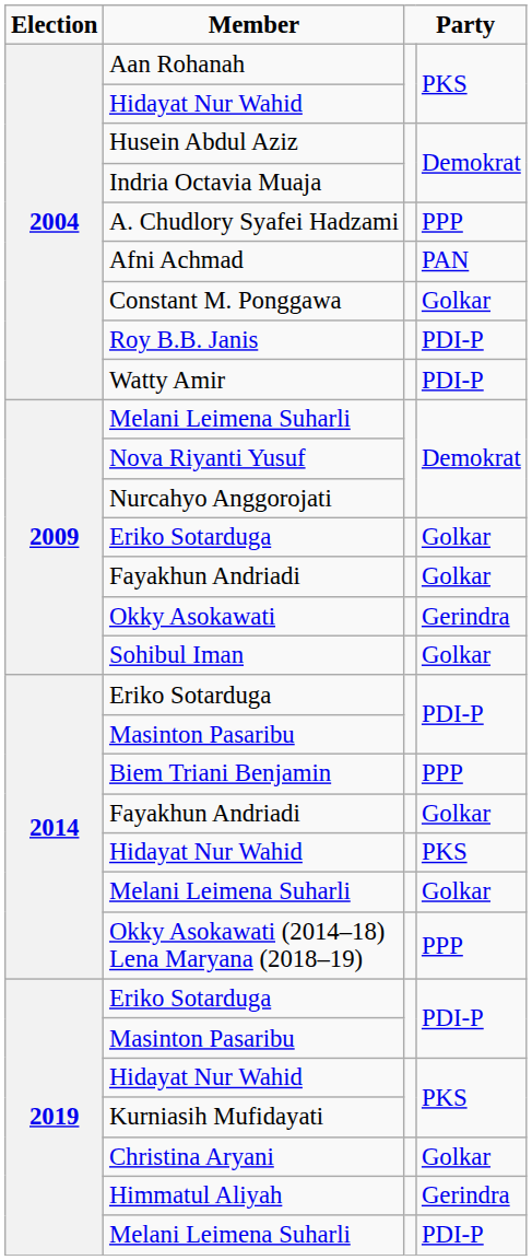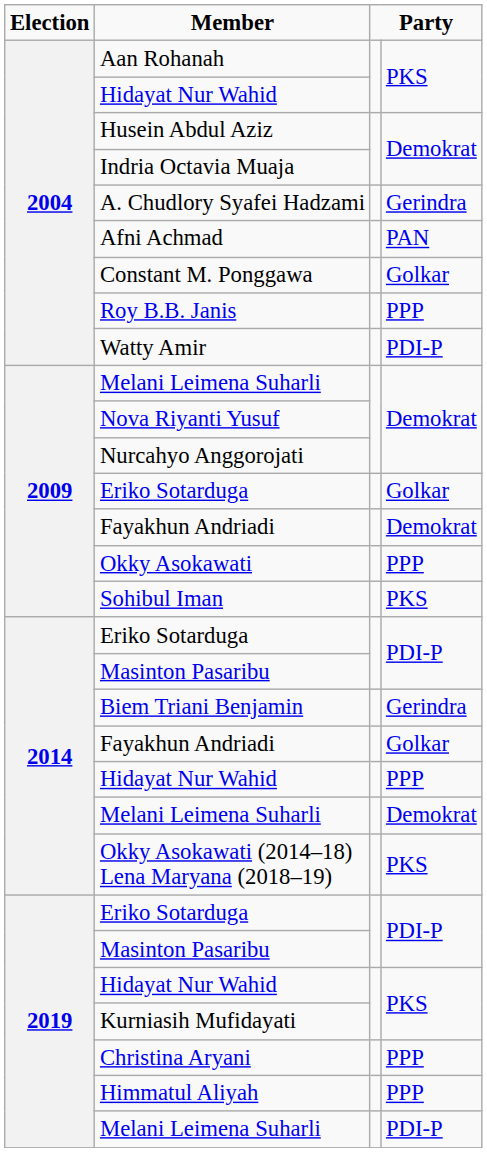 <table class="wikitable" align="center">
 <tr>
 <td align="center"><strong>Election</strong></td>
 <td align="center"><strong>Member</strong></td>
 <td colspan="2" align="center"><strong>Party</strong></td>
 </tr>
 <tr>
 <th rowspan="9"><a href='#'>2004</a></th>
 <td>Aan Rohanah</td>
 <td rowspan="2" style="background-color: "></td>
 <td rowspan="2"><a href='#'>PKS</a></td>
 </tr>
 <tr>
 <td><a href='#'>Hidayat Nur Wahid</a></td>
 </tr>
 <tr>
 <td>Husein Abdul Aziz</td>
 <td rowspan="2" style="background-color: "></td>
 <td rowspan="2"><a href='#'>Demokrat</a></td>
 </tr>
 <tr>
 <td>Indria Octavia Muaja</td>
 </tr>
 <tr>
 <td>A. Chudlory Syafei Hadzami</td>
 <td style="background-color: "></td>
-<td><a href='#'>PPP</a></td>
+<td><a href='#'>Gerindra</a></td>
 </tr>
 <tr>
 <td>Afni Achmad</td>
 <td style="background-color: "></td>
 <td><a href='#'>PAN</a></td>
 </tr>
 <tr>
 <td>Constant M. Ponggawa</td>
 <td style="background-color: "></td>
 <td><a href='#'>Golkar</a></td>
 </tr>
 <tr>
 <td><a href='#'>Roy B.B. Janis</a></td>
 <td style="background-color: "></td>
-<td><a href='#'>PDI-P</a></td>
+<td><a href='#'>PPP</a></td>
 </tr>
 <tr>
 <td>Watty Amir</td>
 <td style="background-color: "></td>
 <td><a href='#'>PDI-P</a></td>
 </tr>
 <tr>
 <th rowspan="7"><a href='#'>2009</a></th>
 <td><a href='#'>Melani Leimena Suharli</a></td>
 <td rowspan="3" style="background-color: "></td>
 <td rowspan="3"><a href='#'>Demokrat</a></td>
 </tr>
 <tr>
 <td><a href='#'>Nova Riyanti Yusuf</a></td>
 </tr>
 <tr>
 <td>Nurcahyo Anggorojati</td>
 </tr>
 <tr>
 <td><a href='#'>Eriko Sotarduga</a></td>
 <td style="background-color: "></td>
 <td><a href='#'>Golkar</a></td>
 </tr>
 <tr>
 <td>Fayakhun Andriadi</td>
 <td style="background-color: "></td>
-<td><a href='#'>Golkar</a></td>
+<td><a href='#'>Demokrat</a></td>
 </tr>
 <tr>
 <td><a href='#'>Okky Asokawati</a></td>
 <td style="background-color: "></td>
-<td><a href='#'>Gerindra</a></td>
+<td><a href='#'>PPP</a></td>
 </tr>
 <tr>
 <td><a href='#'>Sohibul Iman</a></td>
 <td style="background-color: "></td>
-<td><a href='#'>Golkar</a></td>
+<td><a href='#'>PKS</a></td>
 </tr>
 <tr>
 <th rowspan="7"><a href='#'>2014</a></th>
 <td>Eriko Sotarduga</td>
 <td rowspan="2" style="background-color: "></td>
 <td rowspan="2"><a href='#'>PDI-P</a></td>
 </tr>
 <tr>
 <td><a href='#'>Masinton Pasaribu</a></td>
 </tr>
 <tr>
 <td><a href='#'>Biem Triani Benjamin</a></td>
 <td style="background-color: "></td>
-<td><a href='#'>PPP</a></td>
+<td><a href='#'>Gerindra</a></td>
 </tr>
 <tr>
 <td>Fayakhun Andriadi</td>
 <td style="background-color: "></td>
 <td><a href='#'>Golkar</a></td>
 </tr>
 <tr>
 <td><a href='#'>Hidayat Nur Wahid</a></td>
 <td style="background-color: "></td>
-<td><a href='#'>PKS</a></td>
+<td><a href='#'>PPP</a></td>
 </tr>
 <tr>
 <td><a href='#'>Melani Leimena Suharli</a></td>
 <td style="background-color: "></td>
-<td><a href='#'>Golkar</a></td>
+<td><a href='#'>Demokrat</a></td>
 </tr>
 <tr>
 <td><a href='#'>Okky Asokawati</a> (2014–18) <br><a href='#'>Lena Maryana</a> (2018–19) </td>
 <td style="background-color: "></td>
-<td><a href='#'>PPP</a></td>
+<td><a href='#'>PKS</a></td>
 </tr>
 <tr>
 <th rowspan="7"><a href='#'>2019</a></th>
 <td><a href='#'>Eriko Sotarduga</a></td>
 <td rowspan="2" style="background-color: "></td>
 <td rowspan="2"><a href='#'>PDI-P</a></td>
 </tr>
 <tr>
 <td><a href='#'>Masinton Pasaribu</a></td>
 </tr>
 <tr>
 <td><a href='#'>Hidayat Nur Wahid</a></td>
 <td rowspan="2" style="background-color: "></td>
 <td rowspan="2"><a href='#'>PKS</a></td>
 </tr>
 <tr>
 <td>Kurniasih Mufidayati</td>
 </tr>
 <tr>
 <td><a href='#'>Christina Aryani</a></td>
 <td style="background-color: "></td>
-<td><a href='#'>Golkar</a></td>
+<td><a href='#'>PPP</a></td>
 </tr>
 <tr>
 <td><a href='#'>Himmatul Aliyah</a></td>
 <td style="background-color: "></td>
-<td><a href='#'>Gerindra</a></td>
+<td><a href='#'>PPP</a></td>
 </tr>
 <tr>
 <td><a href='#'>Melani Leimena Suharli</a></td>
 <td style="background-color: "></td>
 <td><a href='#'>PDI-P</a></td>
 </tr>
 </table>
